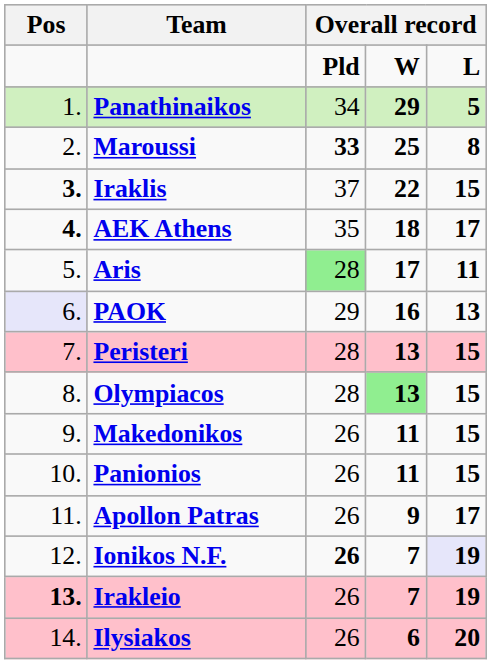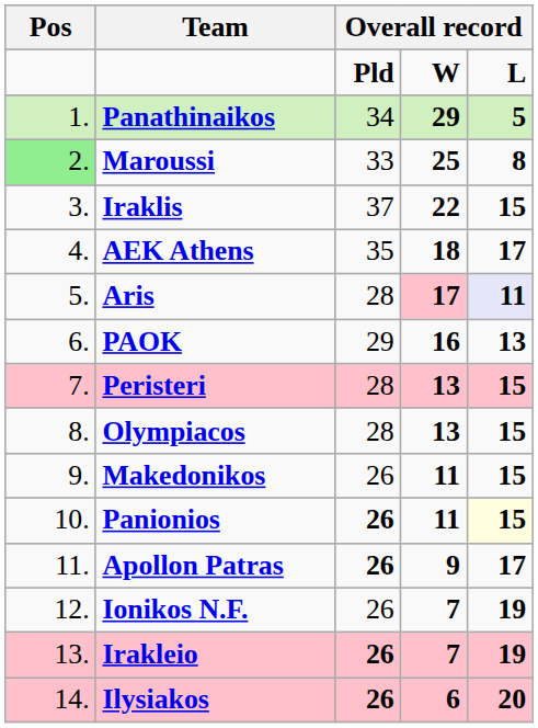 <table class="wikitable" style="text-align: right;">
 <tr>
 <th width="44">Pos</th>
 <th width="128">Team</th>
 <th colspan=3>Overall record</th>
 </tr>
 <tr>
 <td></td>
 <td></td>
 <td width="30"><strong>Pld</strong></td>
 <td width="30"><strong>W</strong></td>
 <td width="30"><strong>L</strong></td>
 </tr>
 <tr bgcolor="D0F0C0">
 <td>1.</td>
 <td align="left"><strong><a href='#'>Panathinaikos</a></strong></td>
 <td>34</td>
 <td><strong>29</strong></td>
 <td><strong>5</strong></td>
 </tr>
 <tr>
-<td>2.</td>
+<td style="background: lightgreen;">2.</td>
 <td align="left"><strong><a href='#'>Maroussi</a></strong></td>
-<td><strong>33</strong></td>
+<td>33</td>
 <td><strong>25</strong></td>
 <td><strong>8</strong></td>
 </tr>
 <tr>
-<td><strong>3.</strong></td>
+<td>3.</td>
 <td align="left"><strong><a href='#'>Iraklis</a></strong></td>
 <td>37</td>
 <td><strong>22</strong></td>
 <td><strong>15</strong></td>
 </tr>
 <tr>
-<td><strong>4.</strong></td>
+<td>4.</td>
 <td align="left"><strong><a href='#'>AEK Athens</a></strong></td>
 <td>35</td>
 <td><strong>18</strong></td>
 <td><strong>17</strong></td>
 </tr>
 <tr>
 <td>5.</td>
 <td align="left"><strong><a href='#'>Aris</a></strong></td>
-<td style="background: lightgreen;">28</td>
-<td><strong>17</strong></td>
-<td><strong>11</strong></td>
+<td>28</td>
+<td style="background: pink;"><strong>17</strong></td>
+<td style="background: lavender;"><strong>11</strong></td>
 </tr>
 <tr>
-<td style="background: lavender;">6.</td>
+<td>6.</td>
 <td align="left"><strong><a href='#'>PAOK</a></strong></td>
 <td>29</td>
 <td><strong>16</strong></td>
 <td><strong>13</strong></td>
 </tr>
 <tr bgcolor="ffc0cb">
 <td>7.</td>
 <td align="left"><strong><a href='#'>Peristeri</a></strong> </td>
 <td>28</td>
 <td><strong>13</strong></td>
 <td><strong>15</strong></td>
 </tr>
 <tr>
 <td>8.</td>
 <td align="left"><strong><a href='#'>Olympiacos</a></strong></td>
 <td>28</td>
-<td style="background: lightgreen;"><strong>13</strong></td>
+<td><strong>13</strong></td>
 <td><strong>15</strong></td>
 </tr>
 <tr>
 <td>9.</td>
 <td align="left"><strong><a href='#'>Makedonikos</a></strong></td>
 <td>26</td>
 <td><strong>11</strong></td>
 <td><strong>15</strong></td>
 </tr>
 <tr>
 <td>10.</td>
 <td align="left"><strong><a href='#'>Panionios</a></strong></td>
-<td>26</td>
+<td><strong>26</strong></td>
 <td><strong>11</strong></td>
-<td><strong>15</strong></td>
+<td style="background: lightyellow;"><strong>15</strong></td>
 </tr>
 <tr>
 <td>11.</td>
 <td align="left"><strong><a href='#'>Apollon Patras</a></strong></td>
-<td>26</td>
+<td><strong>26</strong></td>
 <td><strong>9</strong></td>
 <td><strong>17</strong></td>
 </tr>
 <tr>
 <td>12.</td>
 <td align="left"><strong><a href='#'>Ionikos N.F.</a></strong></td>
-<td><strong>26</strong></td>
+<td>26</td>
 <td><strong>7</strong></td>
-<td style="background: lavender;"><strong>19</strong></td>
+<td><strong>19</strong></td>
 </tr>
 <tr bgcolor="ffc0cb">
-<td><strong>13.</strong></td>
+<td>13.</td>
 <td align="left"><strong><a href='#'>Irakleio</a></strong></td>
-<td>26</td>
+<td><strong>26</strong></td>
 <td><strong>7</strong></td>
 <td><strong>19</strong></td>
 </tr>
 <tr bgcolor="ffc0cb">
 <td>14.</td>
 <td align="left"><strong><a href='#'>Ilysiakos</a></strong></td>
-<td>26</td>
+<td><strong>26</strong></td>
 <td><strong>6</strong></td>
 <td><strong>20</strong></td>
 </tr>
 </table>
